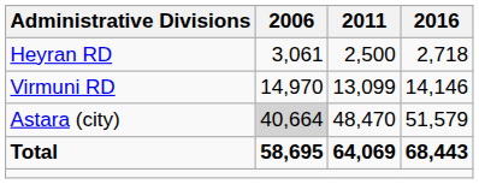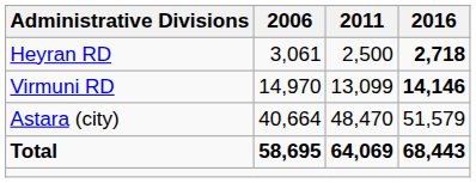 <table class="wikitable">
 <tr>
 <th>Administrative Divisions</th>
 <th>2006</th>
 <th>2011</th>
 <th>2016</th>
 </tr>
 <tr>
 <td><a href='#'>Heyran RD</a></td>
 <td style="text-align: right;">3,061</td>
 <td style="text-align: right;">2,500</td>
-<td style="text-align: right;">2,718</td>
+<td style="text-align: right;"><strong>2,718</strong></td>
 </tr>
 <tr>
 <td><a href='#'>Virmuni RD</a></td>
 <td style="text-align: right;">14,970</td>
 <td style="text-align: right;">13,099</td>
-<td style="text-align: right;">14,146</td>
+<td style="text-align: right;"><strong>14,146</strong></td>
 </tr>
 <tr>
 <td><a href='#'>Astara</a> (city)</td>
-<td style="background: lightgrey; text-align: right;">40,664</td>
+<td style="text-align: right;">40,664</td>
 <td style="text-align: right;">48,470</td>
 <td style="text-align: right;">51,579</td>
 </tr>
 <tr>
 <td><strong>Total</strong></td>
 <td style="text-align: right;"><strong>58,695</strong></td>
 <td style="text-align: right;"><strong>64,069</strong></td>
 <td style="text-align: right;"><strong>68,443</strong></td>
 </tr>
 <tr>
 <td colspan=4></td>
 </tr>
 </table>
